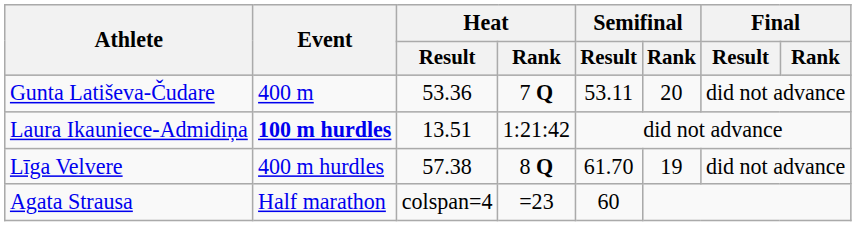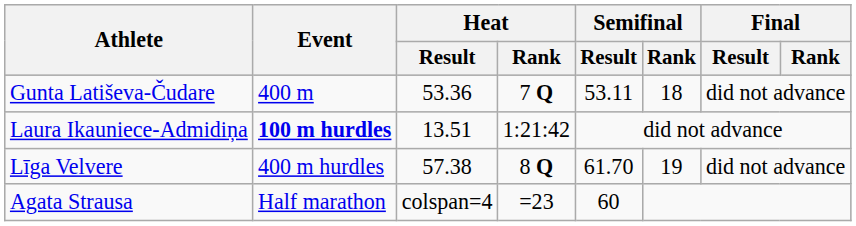 <table class="wikitable" style="font-size:90%">
 <tr>
 <th rowspan=2>Athlete</th>
 <th rowspan=2>Event</th>
 <th colspan=2>Heat</th>
 <th colspan=2>Semifinal</th>
 <th colspan=2>Final</th>
 </tr>
 <tr style="font-size:95%">
 <th>Result</th>
 <th>Rank</th>
 <th>Result</th>
 <th>Rank</th>
 <th>Result</th>
 <th>Rank</th>
 </tr>
 <tr align=center>
 <td align=left><a href='#'>Gunta Latiševa-Čudare</a></td>
 <td style="text-align:left;"><a href='#'>400 m</a></td>
 <td>53.36 <strong></strong></td>
 <td>7 <strong>Q</strong></td>
 <td>53.11 <strong></strong></td>
-<td>20</td>
+<td>18</td>
 <td colspan=2>did not advance</td>
 </tr>
 <tr align=center>
 <td align=left><a href='#'>Laura Ikauniece-Admidiņa</a></td>
 <td style="text-align:left;"><strong><a href='#'>100 m hurdles</a></strong></td>
 <td>13.51</td>
 <td>1:21:42</td>
 <td colspan=4>did not advance</td>
 </tr>
 <tr align=center>
 <td align=left><a href='#'>Līga Velvere</a></td>
 <td style="text-align:left;"><a href='#'>400 m hurdles</a></td>
 <td>57.38</td>
 <td>8 <strong>Q</strong></td>
 <td>61.70</td>
 <td>19</td>
 <td colspan=2>did not advance</td>
 </tr>
 <tr align=center>
 <td align=left><a href='#'>Agata Strausa</a></td>
 <td style="text-align:left;"><a href='#'>Half marathon</a></td>
 <td>colspan=4 </td>
 <td>=23</td>
 <td>60</td>
 </tr>
 </table>
